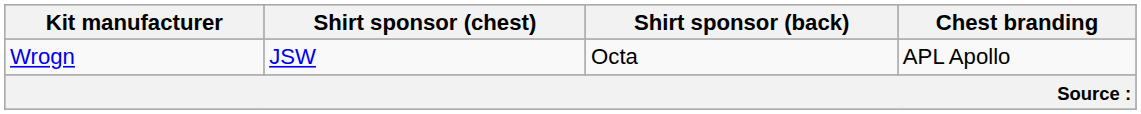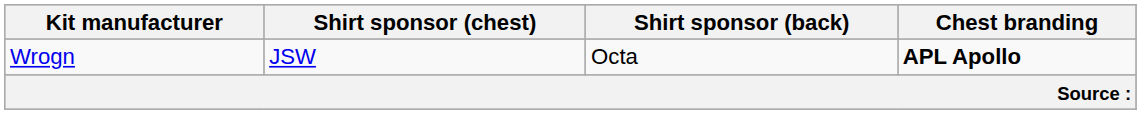 <table class="wikitable"  style="font-size:85%; width:55%;">
 <tr>
 <th>Kit manufacturer</th>
 <th>Shirt sponsor (chest)</th>
 <th>Shirt sponsor (back)</th>
 <th>Chest branding</th>
 </tr>
 <tr>
 <td><a href='#'>Wrogn</a></td>
 <td><a href='#'>JSW</a></td>
 <td>Octa</td>
-<td>APL Apollo</td>
+<td><strong>APL Apollo</strong></td>
 </tr>
 <tr>
 <th colspan="4" style="text-align:right;"><small> Source :</small></th>
 </tr>
 </table>
